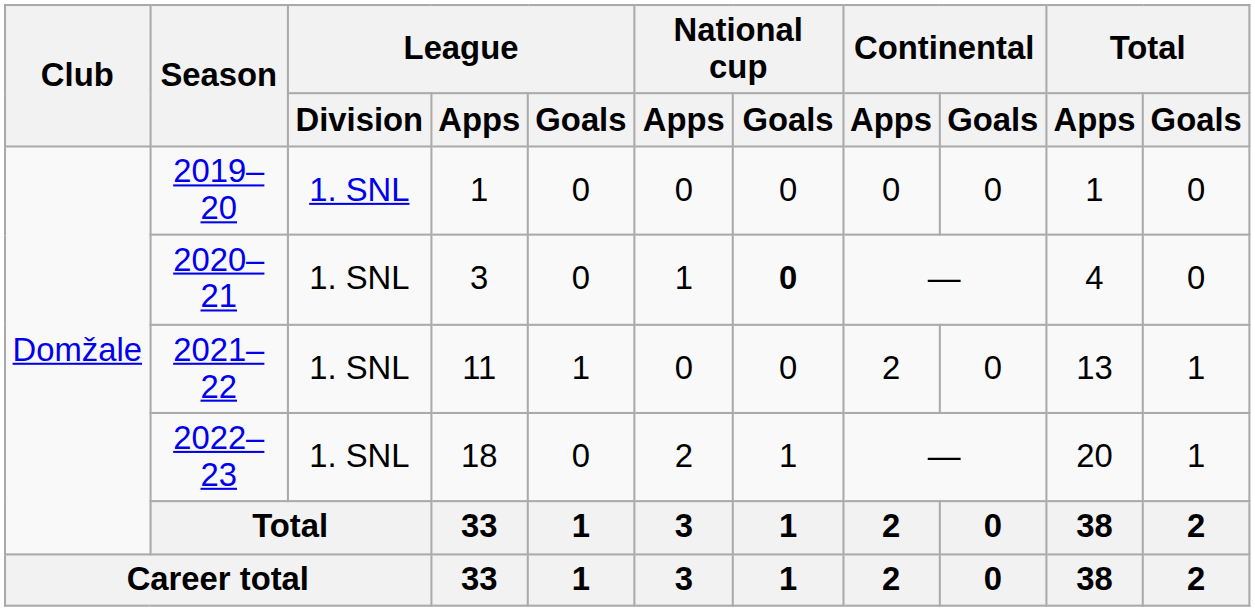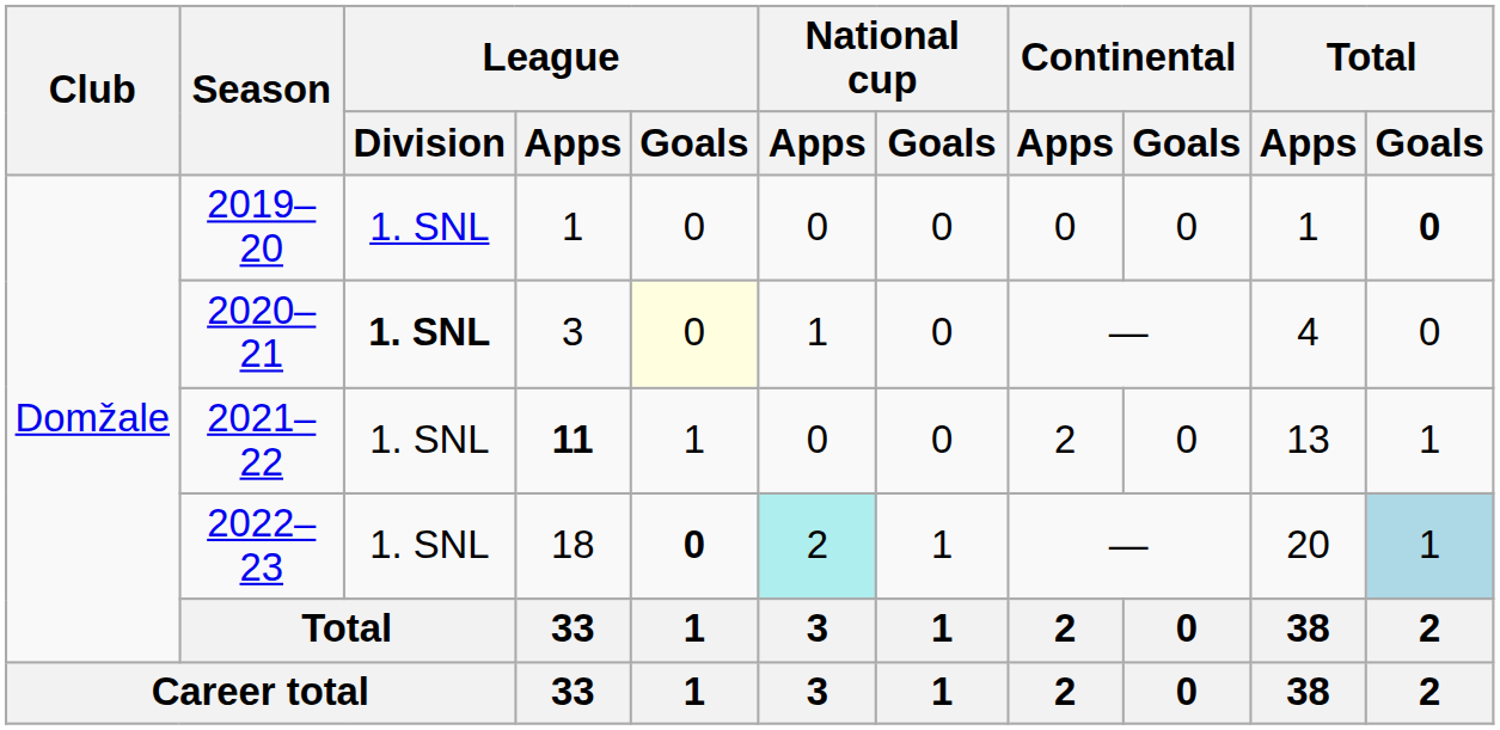 <table class="wikitable" style="text-align: center">
 <tr>
 <th rowspan="2">Club</th>
 <th rowspan="2">Season</th>
 <th colspan="3">League</th>
 <th colspan="2">National cup</th>
 <th colspan="2">Continental</th>
 <th colspan="2">Total</th>
 </tr>
 <tr>
 <th>Division</th>
 <th>Apps</th>
 <th>Goals</th>
 <th>Apps</th>
 <th>Goals</th>
 <th>Apps</th>
 <th>Goals</th>
 <th>Apps</th>
 <th>Goals</th>
 </tr>
 <tr>
 <td rowspan=5><a href='#'>Domžale</a></td>
 <td><a href='#'>2019–20</a></td>
 <td><a href='#'>1. SNL</a></td>
 <td>1</td>
 <td>0</td>
 <td>0</td>
 <td>0</td>
 <td>0</td>
 <td>0</td>
 <td>1</td>
-<td>0</td>
+<td><strong>0</strong></td>
 </tr>
 <tr>
 <td><a href='#'>2020–21</a></td>
-<td>1. SNL</td>
+<td><strong>1. SNL</strong></td>
 <td>3</td>
+<td style="background: lightyellow;">0</td>
+<td>1</td>
 <td>0</td>
-<td>1</td>
-<td><strong>0</strong></td>
 <td colspan=2>—</td>
 <td>4</td>
 <td>0</td>
 </tr>
 <tr>
 <td><a href='#'>2021–22</a></td>
 <td>1. SNL</td>
-<td>11</td>
+<td><strong>11</strong></td>
 <td>1</td>
 <td>0</td>
 <td>0</td>
 <td>2</td>
 <td>0</td>
 <td>13</td>
 <td>1</td>
 </tr>
 <tr>
 <td><a href='#'>2022–23</a></td>
 <td>1. SNL</td>
 <td>18</td>
-<td>0</td>
-<td>2</td>
+<td><strong>0</strong></td>
+<td style="background: paleturquoise;">2</td>
 <td>1</td>
 <td colspan=2>—</td>
 <td>20</td>
-<td>1</td>
+<td style="background: lightblue;">1</td>
 </tr>
 <tr>
 <th colspan="2">Total</th>
 <th>33</th>
 <th>1</th>
 <th>3</th>
 <th>1</th>
 <th>2</th>
 <th>0</th>
 <th>38</th>
 <th>2</th>
 </tr>
 <tr>
 <th colspan=3>Career total</th>
 <th>33</th>
 <th>1</th>
 <th>3</th>
 <th>1</th>
 <th>2</th>
 <th>0</th>
 <th>38</th>
 <th>2</th>
 </tr>
 </table>
